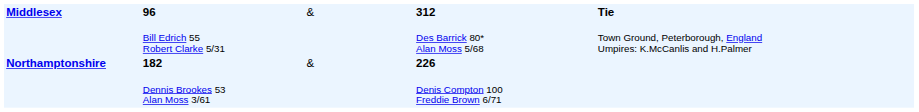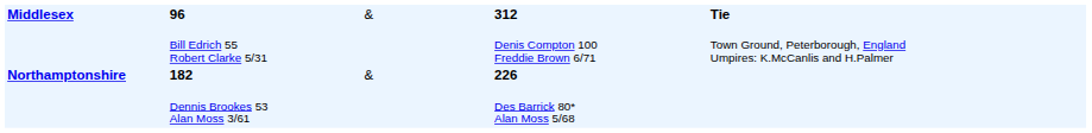 <table width="100%" style="background: #EBF5FF">
 <tr>
 <td width="15%" valign="top" rowspan="2"><strong><a href='#'>Middlesex</a></strong></td>
 <td width="18%"><strong>96</strong></td>
 <td width="12%">&</td>
 <td width="20%"><strong>312</strong></td>
 <td width="35%"><strong>Tie</strong></td>
 </tr>
 <tr>
 <td style="font-size: 85%;" valign="top"><br><a href='#'>Bill Edrich</a> 55<br> <a href='#'>Robert Clarke</a> 5/31</td>
 <td></td>
-<td valign="top" style="font-size: 85%;"><br><a href='#'>Des Barrick</a> 80*<br> <a href='#'>Alan Moss</a> 5/68</td>
+<td style="font-size: 85%;"><br><a href='#'>Denis Compton</a> 100<br> <a href='#'>Freddie Brown</a> 6/71</td>
 <td valign="top" style="font-size: 85%;" rowspan="3"><br>Town Ground, Peterborough, <a href='#'>England</a><br> Umpires: K.McCanlis and H.Palmer</td>
 </tr>
 <tr>
 <td valign="top" rowspan="2"><strong><a href='#'>Northamptonshire</a></strong></td>
 <td><strong>182</strong></td>
 <td>&</td>
 <td><strong>226</strong></td>
 </tr>
 <tr>
 <td style="font-size: 85%;"><br><a href='#'>Dennis Brookes</a> 53<br> <a href='#'>Alan Moss</a> 3/61</td>
 <td></td>
-<td style="font-size: 85%;"><br><a href='#'>Denis Compton</a> 100<br> <a href='#'>Freddie Brown</a> 6/71</td>
+<td valign="top" style="font-size: 85%;"><br><a href='#'>Des Barrick</a> 80*<br> <a href='#'>Alan Moss</a> 5/68</td>
 </tr>
 </table>
